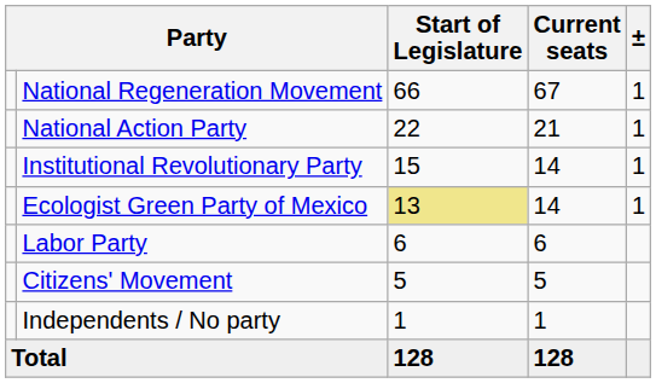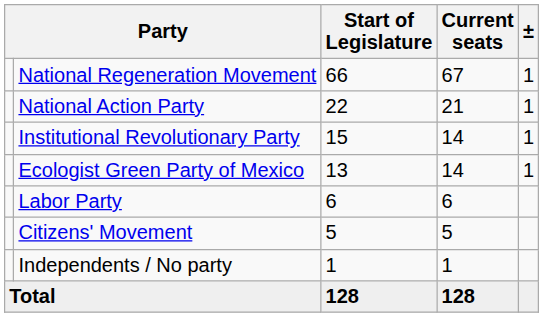 <table class="wikitable">
 <tr style="background:#efefef;">
 <th colspan="2"><strong>Party</strong></th>
 <th>Start of<br>Legislature</th>
 <th>Current<br>seats</th>
 <th>±</th>
 </tr>
 <tr>
 <td style="background:"></td>
 <td><a href='#'>National Regeneration Movement</a></td>
 <td>66</td>
 <td>67</td>
 <td> 1</td>
 </tr>
 <tr>
 <td style="background:"></td>
 <td><a href='#'>National Action Party</a></td>
 <td>22</td>
 <td>21</td>
 <td> 1</td>
 </tr>
 <tr>
 <td style="background:"></td>
 <td><a href='#'>Institutional Revolutionary Party</a></td>
 <td>15</td>
 <td>14</td>
 <td> 1</td>
 </tr>
 <tr>
 <td style="background:"></td>
 <td><a href='#'>Ecologist Green Party of Mexico</a></td>
-<td style="background: khaki;">13</td>
+<td>13</td>
 <td>14</td>
 <td> 1</td>
 </tr>
 <tr>
 <td style="background:"></td>
 <td><a href='#'>Labor Party</a></td>
 <td>6</td>
 <td>6</td>
 <td></td>
 </tr>
 <tr>
 <td style="background:"></td>
 <td><a href='#'>Citizens' Movement</a></td>
 <td>5</td>
 <td>5</td>
 <td></td>
 </tr>
 <tr>
 <td style="background:"></td>
 <td>Independents / No party</td>
 <td>1</td>
 <td>1</td>
 <td></td>
 </tr>
 <tr style="background:#efefef;">
 <td colspan="2"><strong>Total</strong></td>
 <td><strong>128</strong></td>
 <td><strong>128</strong></td>
 <td></td>
 </tr>
 </table>
